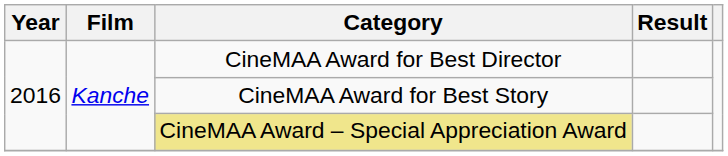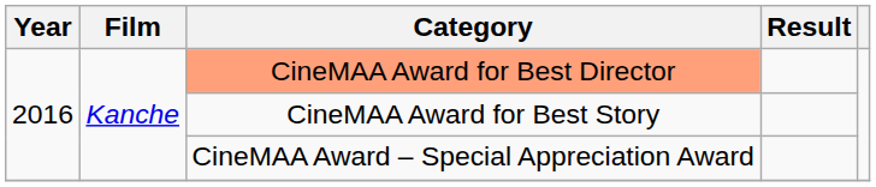 <table class="wikitable sortable">
 <tr>
 <th>Year</th>
 <th>Film</th>
 <th>Category</th>
 <th>Result</th>
 <th class="unsortable"></th>
 </tr>
 <tr>
 <td style="text-align:center;" rowspan="3">2016</td>
 <td style="text-align:center;" rowspan="3"><em><a href='#'>Kanche</a></em></td>
-<td style="text-align:center;">CineMAA Award for Best Director</td>
+<td style="background: lightsalmon; text-align:center;">CineMAA Award for Best Director</td>
 <td></td>
 <td rowspan="3"></td>
 </tr>
 <tr>
 <td style="text-align:center;">CineMAA Award for Best Story</td>
 <td></td>
 </tr>
 <tr>
-<td style="background: khaki; text-align:center;">CineMAA Award – Special Appreciation Award</td>
+<td style="text-align:center;">CineMAA Award – Special Appreciation Award</td>
 <td></td>
 </tr>
 <tr>
 </tr>
 </table>
